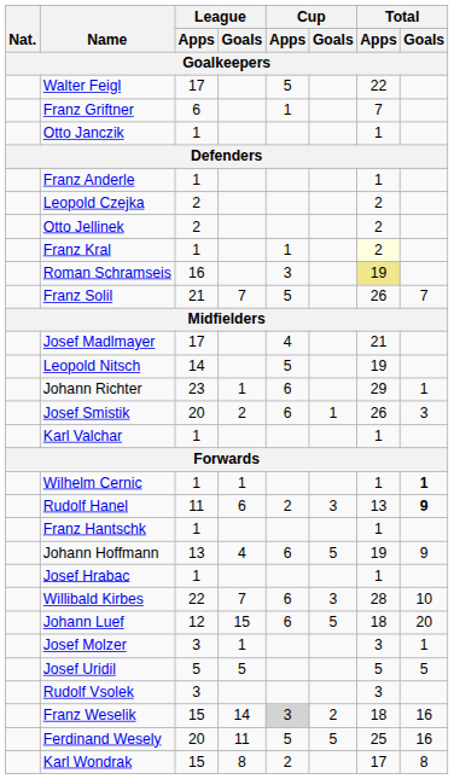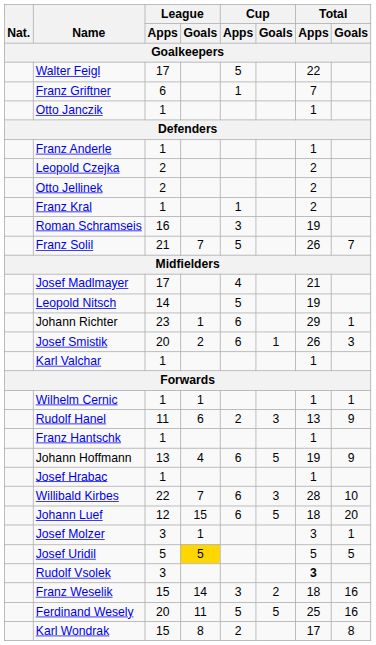 <table class="wikitable" style="text-align:center">
 <tr>
 <th rowspan="2" valign="bottom">Nat.</th>
 <th rowspan="2" valign="bottom">Name</th>
 <th colspan="2" width="85">League</th>
 <th colspan="2" width="85">Cup</th>
 <th colspan="2" width="85">Total</th>
 </tr>
 <tr>
 <th>Apps</th>
 <th>Goals</th>
 <th>Apps</th>
 <th>Goals</th>
 <th>Apps</th>
 <th>Goals</th>
 </tr>
 <tr>
 <th colspan=15>Goalkeepers</th>
 </tr>
 <tr>
 <td></td>
 <td align="left"><a href='#'>Walter Feigl</a></td>
 <td>17</td>
 <td></td>
 <td>5</td>
 <td></td>
 <td>22</td>
 <td></td>
 </tr>
 <tr>
 <td></td>
 <td align="left"><a href='#'>Franz Griftner</a></td>
 <td>6</td>
 <td></td>
 <td>1</td>
 <td></td>
 <td>7</td>
 <td></td>
 </tr>
 <tr>
 <td></td>
 <td align="left"><a href='#'>Otto Janczik</a></td>
 <td>1</td>
 <td></td>
 <td></td>
 <td></td>
 <td>1</td>
 <td></td>
 </tr>
 <tr>
 <th colspan=15>Defenders</th>
 </tr>
 <tr>
 <td></td>
 <td align="left"><a href='#'>Franz Anderle</a></td>
 <td>1</td>
 <td></td>
 <td></td>
 <td></td>
 <td>1</td>
 <td></td>
 </tr>
 <tr>
 <td></td>
 <td align="left"><a href='#'>Leopold Czejka</a></td>
 <td>2</td>
 <td></td>
 <td></td>
 <td></td>
 <td>2</td>
 <td></td>
 </tr>
 <tr>
 <td></td>
 <td align="left"><a href='#'>Otto Jellinek</a></td>
 <td>2</td>
 <td></td>
 <td></td>
 <td></td>
 <td>2</td>
 <td></td>
 </tr>
 <tr>
 <td></td>
 <td align="left"><a href='#'>Franz Kral</a></td>
 <td>1</td>
 <td></td>
 <td>1</td>
 <td></td>
-<td style="background: lightyellow;">2</td>
+<td>2</td>
 <td></td>
 </tr>
 <tr>
 <td></td>
 <td align="left"><a href='#'>Roman Schramseis</a></td>
 <td>16</td>
 <td></td>
 <td>3</td>
 <td></td>
-<td style="background: khaki;">19</td>
+<td>19</td>
 <td></td>
 </tr>
 <tr>
 <td></td>
 <td align="left"><a href='#'>Franz Solil</a></td>
 <td>21</td>
 <td>7</td>
 <td>5</td>
 <td></td>
 <td>26</td>
 <td>7</td>
 </tr>
 <tr>
 <th colspan=15>Midfielders</th>
 </tr>
 <tr>
 <td></td>
 <td align="left"><a href='#'>Josef Madlmayer</a></td>
 <td>17</td>
 <td></td>
 <td>4</td>
 <td></td>
 <td>21</td>
 <td></td>
 </tr>
 <tr>
 <td></td>
 <td align="left"><a href='#'>Leopold Nitsch</a></td>
 <td>14</td>
 <td></td>
 <td>5</td>
 <td></td>
 <td>19</td>
 <td></td>
 </tr>
 <tr>
 <td></td>
 <td align="left">Johann Richter</td>
 <td>23</td>
 <td>1</td>
 <td>6</td>
 <td></td>
 <td>29</td>
 <td>1</td>
 </tr>
 <tr>
 <td></td>
 <td align="left"><a href='#'>Josef Smistik</a></td>
 <td>20</td>
 <td>2</td>
 <td>6</td>
 <td>1</td>
 <td>26</td>
 <td>3</td>
 </tr>
 <tr>
 <td></td>
 <td align="left"><a href='#'>Karl Valchar</a></td>
 <td>1</td>
 <td></td>
 <td></td>
 <td></td>
 <td>1</td>
 <td></td>
 </tr>
 <tr>
 <th colspan=15>Forwards</th>
 </tr>
 <tr>
 <td></td>
 <td align="left"><a href='#'>Wilhelm Cernic</a></td>
 <td>1</td>
 <td>1</td>
 <td></td>
 <td></td>
 <td>1</td>
-<td><strong>1</strong></td>
+<td>1</td>
 </tr>
 <tr>
 <td></td>
 <td align="left"><a href='#'>Rudolf Hanel</a></td>
 <td>11</td>
 <td>6</td>
 <td>2</td>
 <td>3</td>
 <td>13</td>
-<td><strong>9</strong></td>
+<td>9</td>
 </tr>
 <tr>
 <td></td>
 <td align="left"><a href='#'>Franz Hantschk</a></td>
 <td>1</td>
 <td></td>
 <td></td>
 <td></td>
 <td>1</td>
 <td></td>
 </tr>
 <tr>
 <td></td>
 <td align="left">Johann Hoffmann</td>
 <td>13</td>
 <td>4</td>
 <td>6</td>
 <td>5</td>
 <td>19</td>
 <td>9</td>
 </tr>
 <tr>
 <td></td>
 <td align="left"><a href='#'>Josef Hrabac</a></td>
 <td>1</td>
 <td></td>
 <td></td>
 <td></td>
 <td>1</td>
 <td></td>
 </tr>
 <tr>
 <td></td>
 <td align="left"><a href='#'>Willibald Kirbes</a></td>
 <td>22</td>
 <td>7</td>
 <td>6</td>
 <td>3</td>
 <td>28</td>
 <td>10</td>
 </tr>
 <tr>
 <td></td>
 <td align="left"><a href='#'>Johann Luef</a></td>
 <td>12</td>
 <td>15</td>
 <td>6</td>
 <td>5</td>
 <td>18</td>
 <td>20</td>
 </tr>
 <tr>
 <td></td>
 <td align="left"><a href='#'>Josef Molzer</a></td>
 <td>3</td>
 <td>1</td>
 <td></td>
 <td></td>
 <td>3</td>
 <td>1</td>
 </tr>
 <tr>
 <td></td>
 <td align="left"><a href='#'>Josef Uridil</a></td>
 <td>5</td>
-<td>5</td>
+<td style="background: gold;">5</td>
 <td></td>
 <td></td>
 <td>5</td>
 <td>5</td>
 </tr>
 <tr>
 <td></td>
 <td align="left"><a href='#'>Rudolf Vsolek</a></td>
 <td>3</td>
 <td></td>
 <td></td>
 <td></td>
-<td>3</td>
+<td><strong>3</strong></td>
 <td></td>
 </tr>
 <tr>
 <td></td>
 <td align="left"><a href='#'>Franz Weselik</a></td>
 <td>15</td>
 <td>14</td>
-<td style="background: lightgrey;">3</td>
+<td>3</td>
 <td>2</td>
 <td>18</td>
 <td>16</td>
 </tr>
 <tr>
 <td></td>
 <td align="left"><a href='#'>Ferdinand Wesely</a></td>
 <td>20</td>
 <td>11</td>
 <td>5</td>
 <td>5</td>
 <td>25</td>
 <td>16</td>
 </tr>
 <tr>
 <td></td>
 <td align="left"><a href='#'>Karl Wondrak</a></td>
 <td>15</td>
 <td>8</td>
 <td>2</td>
 <td></td>
 <td>17</td>
 <td>8</td>
 </tr>
 </table>
